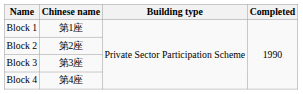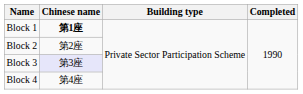 <table class="wikitable" style="text-align: center">
 <tr>
 <th>Name</th>
 <th>Chinese name</th>
 <th>Building type</th>
 <th>Completed</th>
 </tr>
 <tr>
 <td>Block 1</td>
-<td>第1座</td>
+<td><strong>第1座</strong></td>
 <td rowspan="4">Private Sector Participation Scheme</td>
 <td rowspan="4">1990</td>
 </tr>
 <tr>
 <td>Block 2</td>
 <td>第2座</td>
 </tr>
 <tr>
 <td>Block 3</td>
-<td>第3座</td>
+<td style="background: lavender;">第3座</td>
 </tr>
 <tr>
 <td>Block 4</td>
 <td>第4座</td>
 </tr>
 </table>
